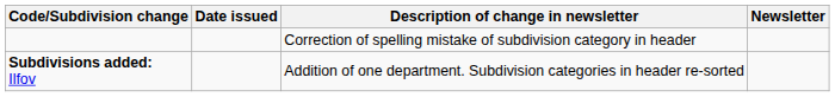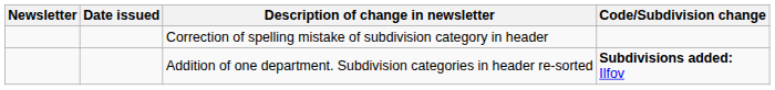 <table class="wikitable">
 <tr>
-<th>Code/Subdivision change</th>
+<th>Newsletter</th>
 <th>Date issued</th>
 <th>Description of change in newsletter</th>
-<th>Newsletter</th>
+<th>Code/Subdivision change</th>
 </tr>
 <tr>
-<td></td>
+<td id="I-1"></td>
 <td></td>
 <td>Correction of spelling mistake of subdivision category in header</td>
-<td id="I-1"></td>
+<td></td>
 </tr>
 <tr>
-<td style=white-space:nowrap><strong>Subdivisions added:</strong><br>  <a href='#'>Ilfov</a></td>
+<td id="I-4"></td>
 <td></td>
 <td>Addition of one department. Subdivision categories in header re-sorted</td>
-<td id="I-4"></td>
+<td style=white-space:nowrap><strong>Subdivisions added:</strong><br>  <a href='#'>Ilfov</a></td>
 </tr>
 </table>
